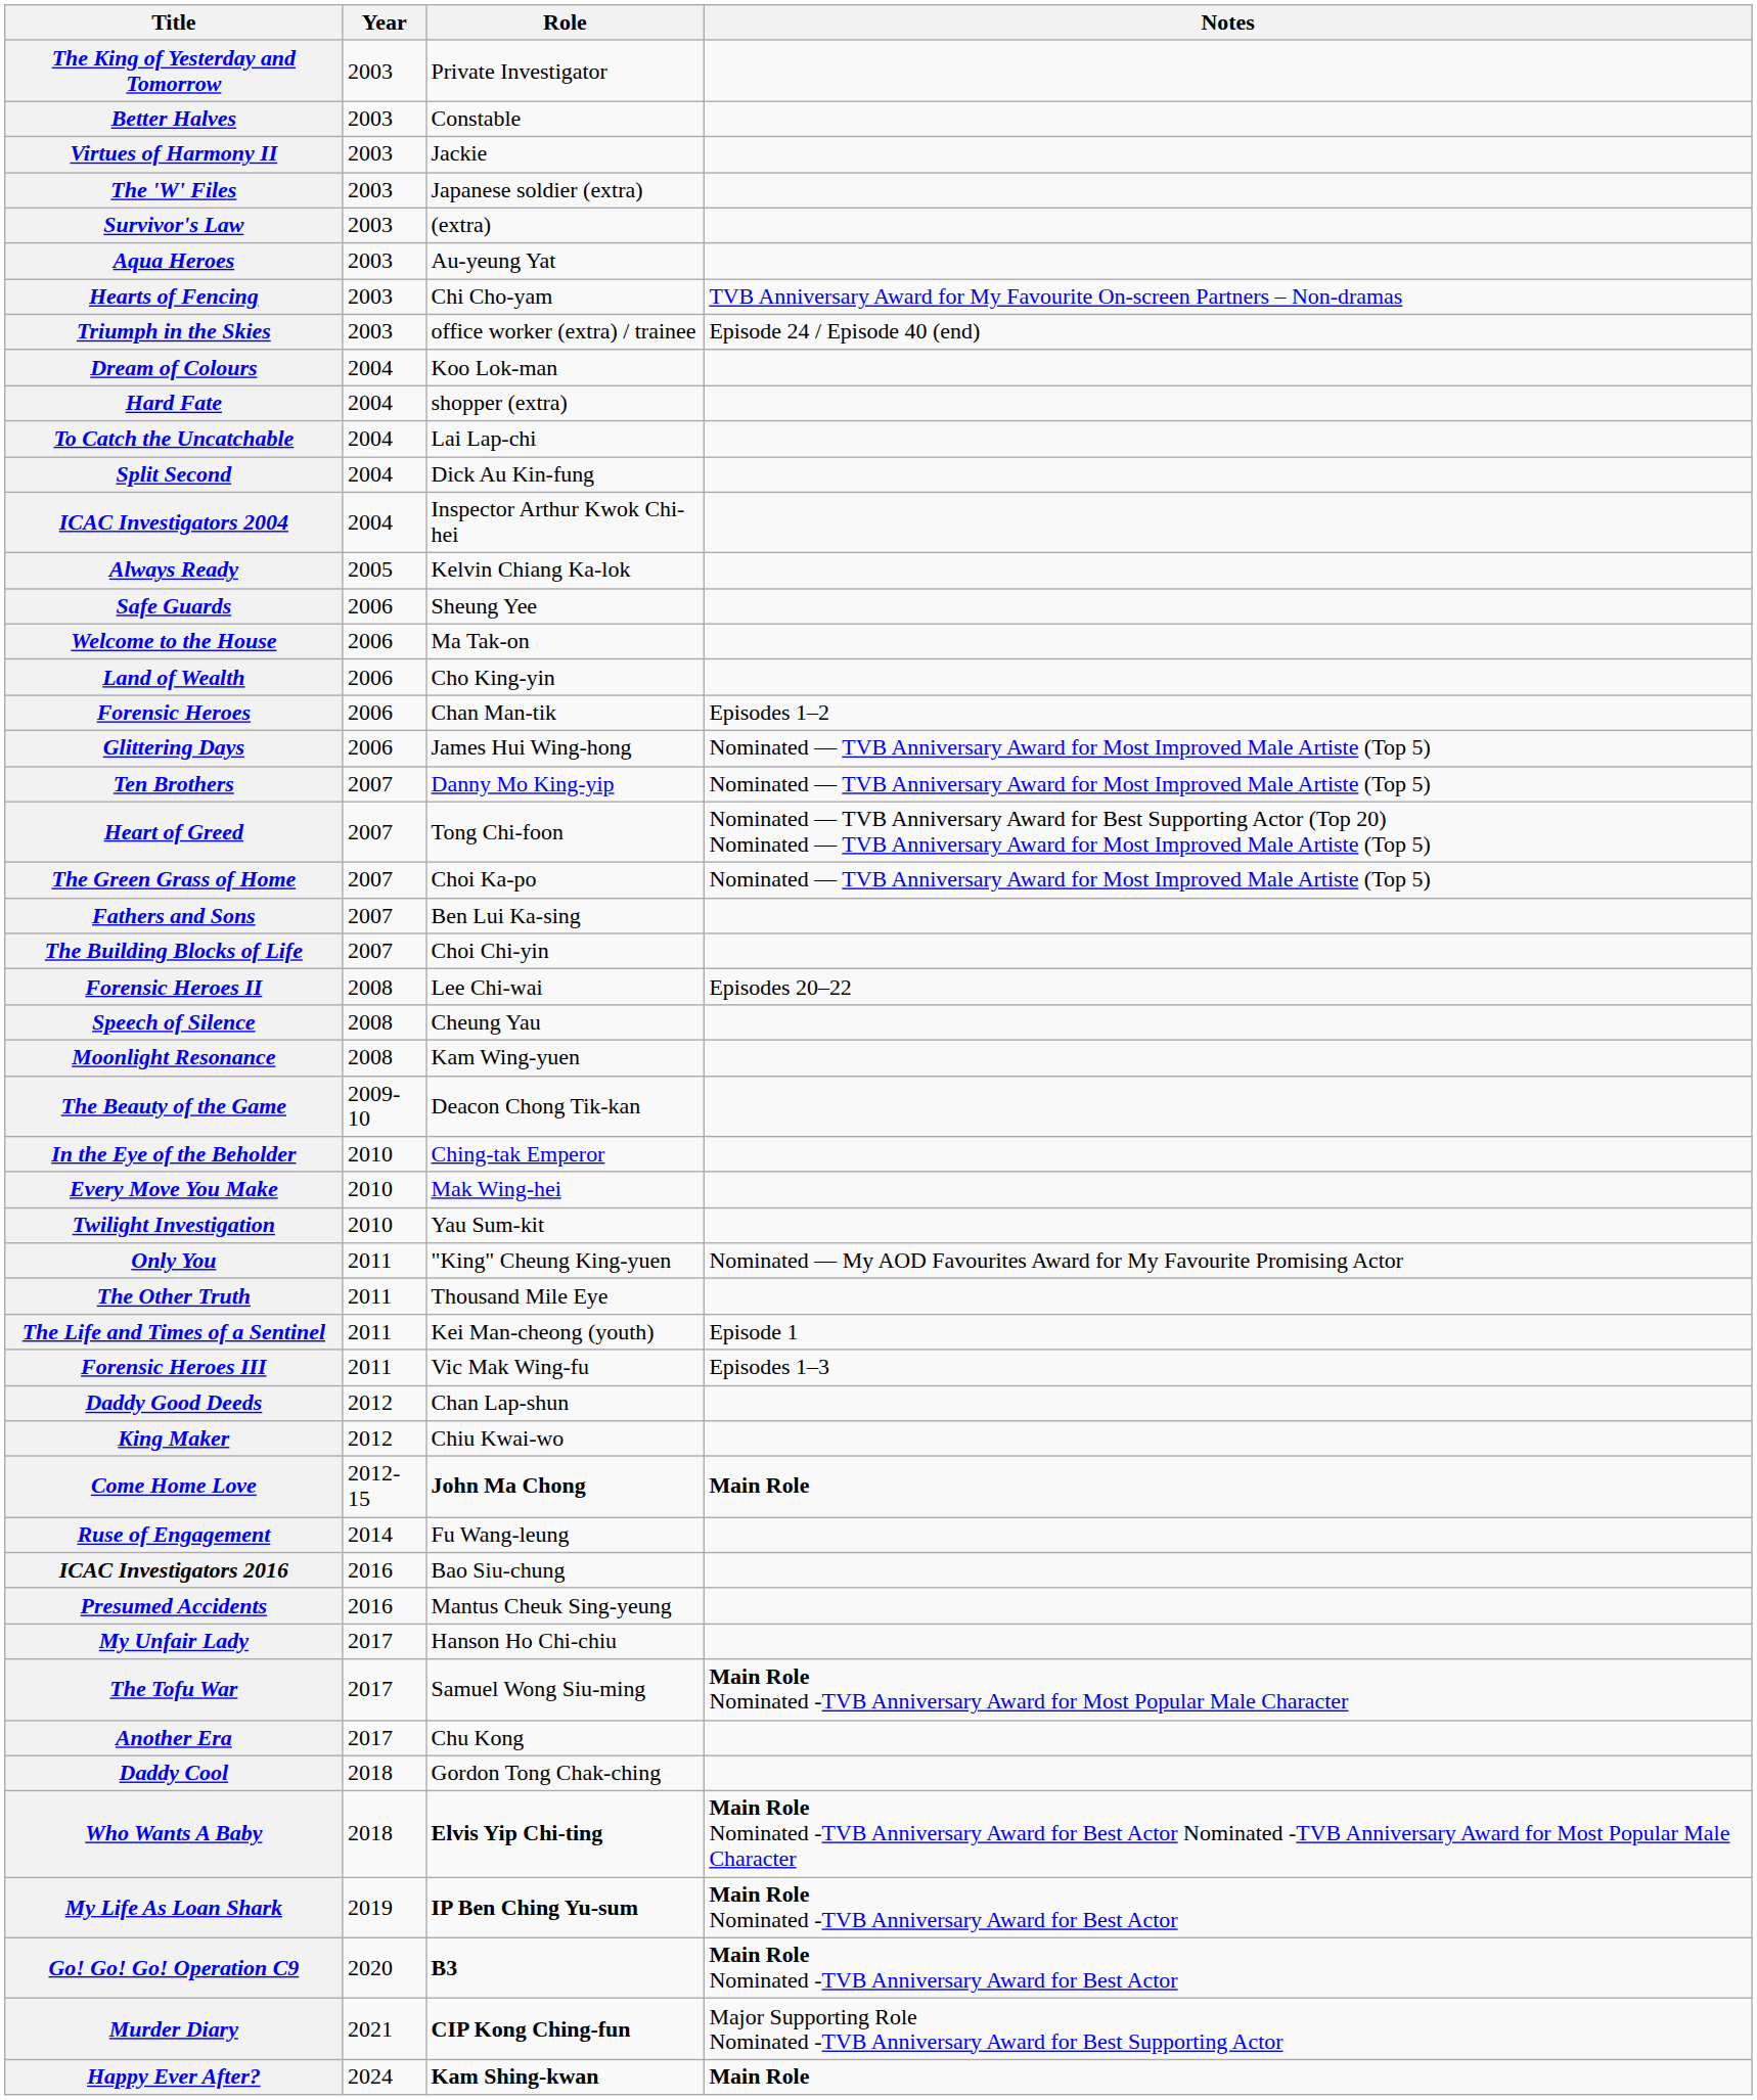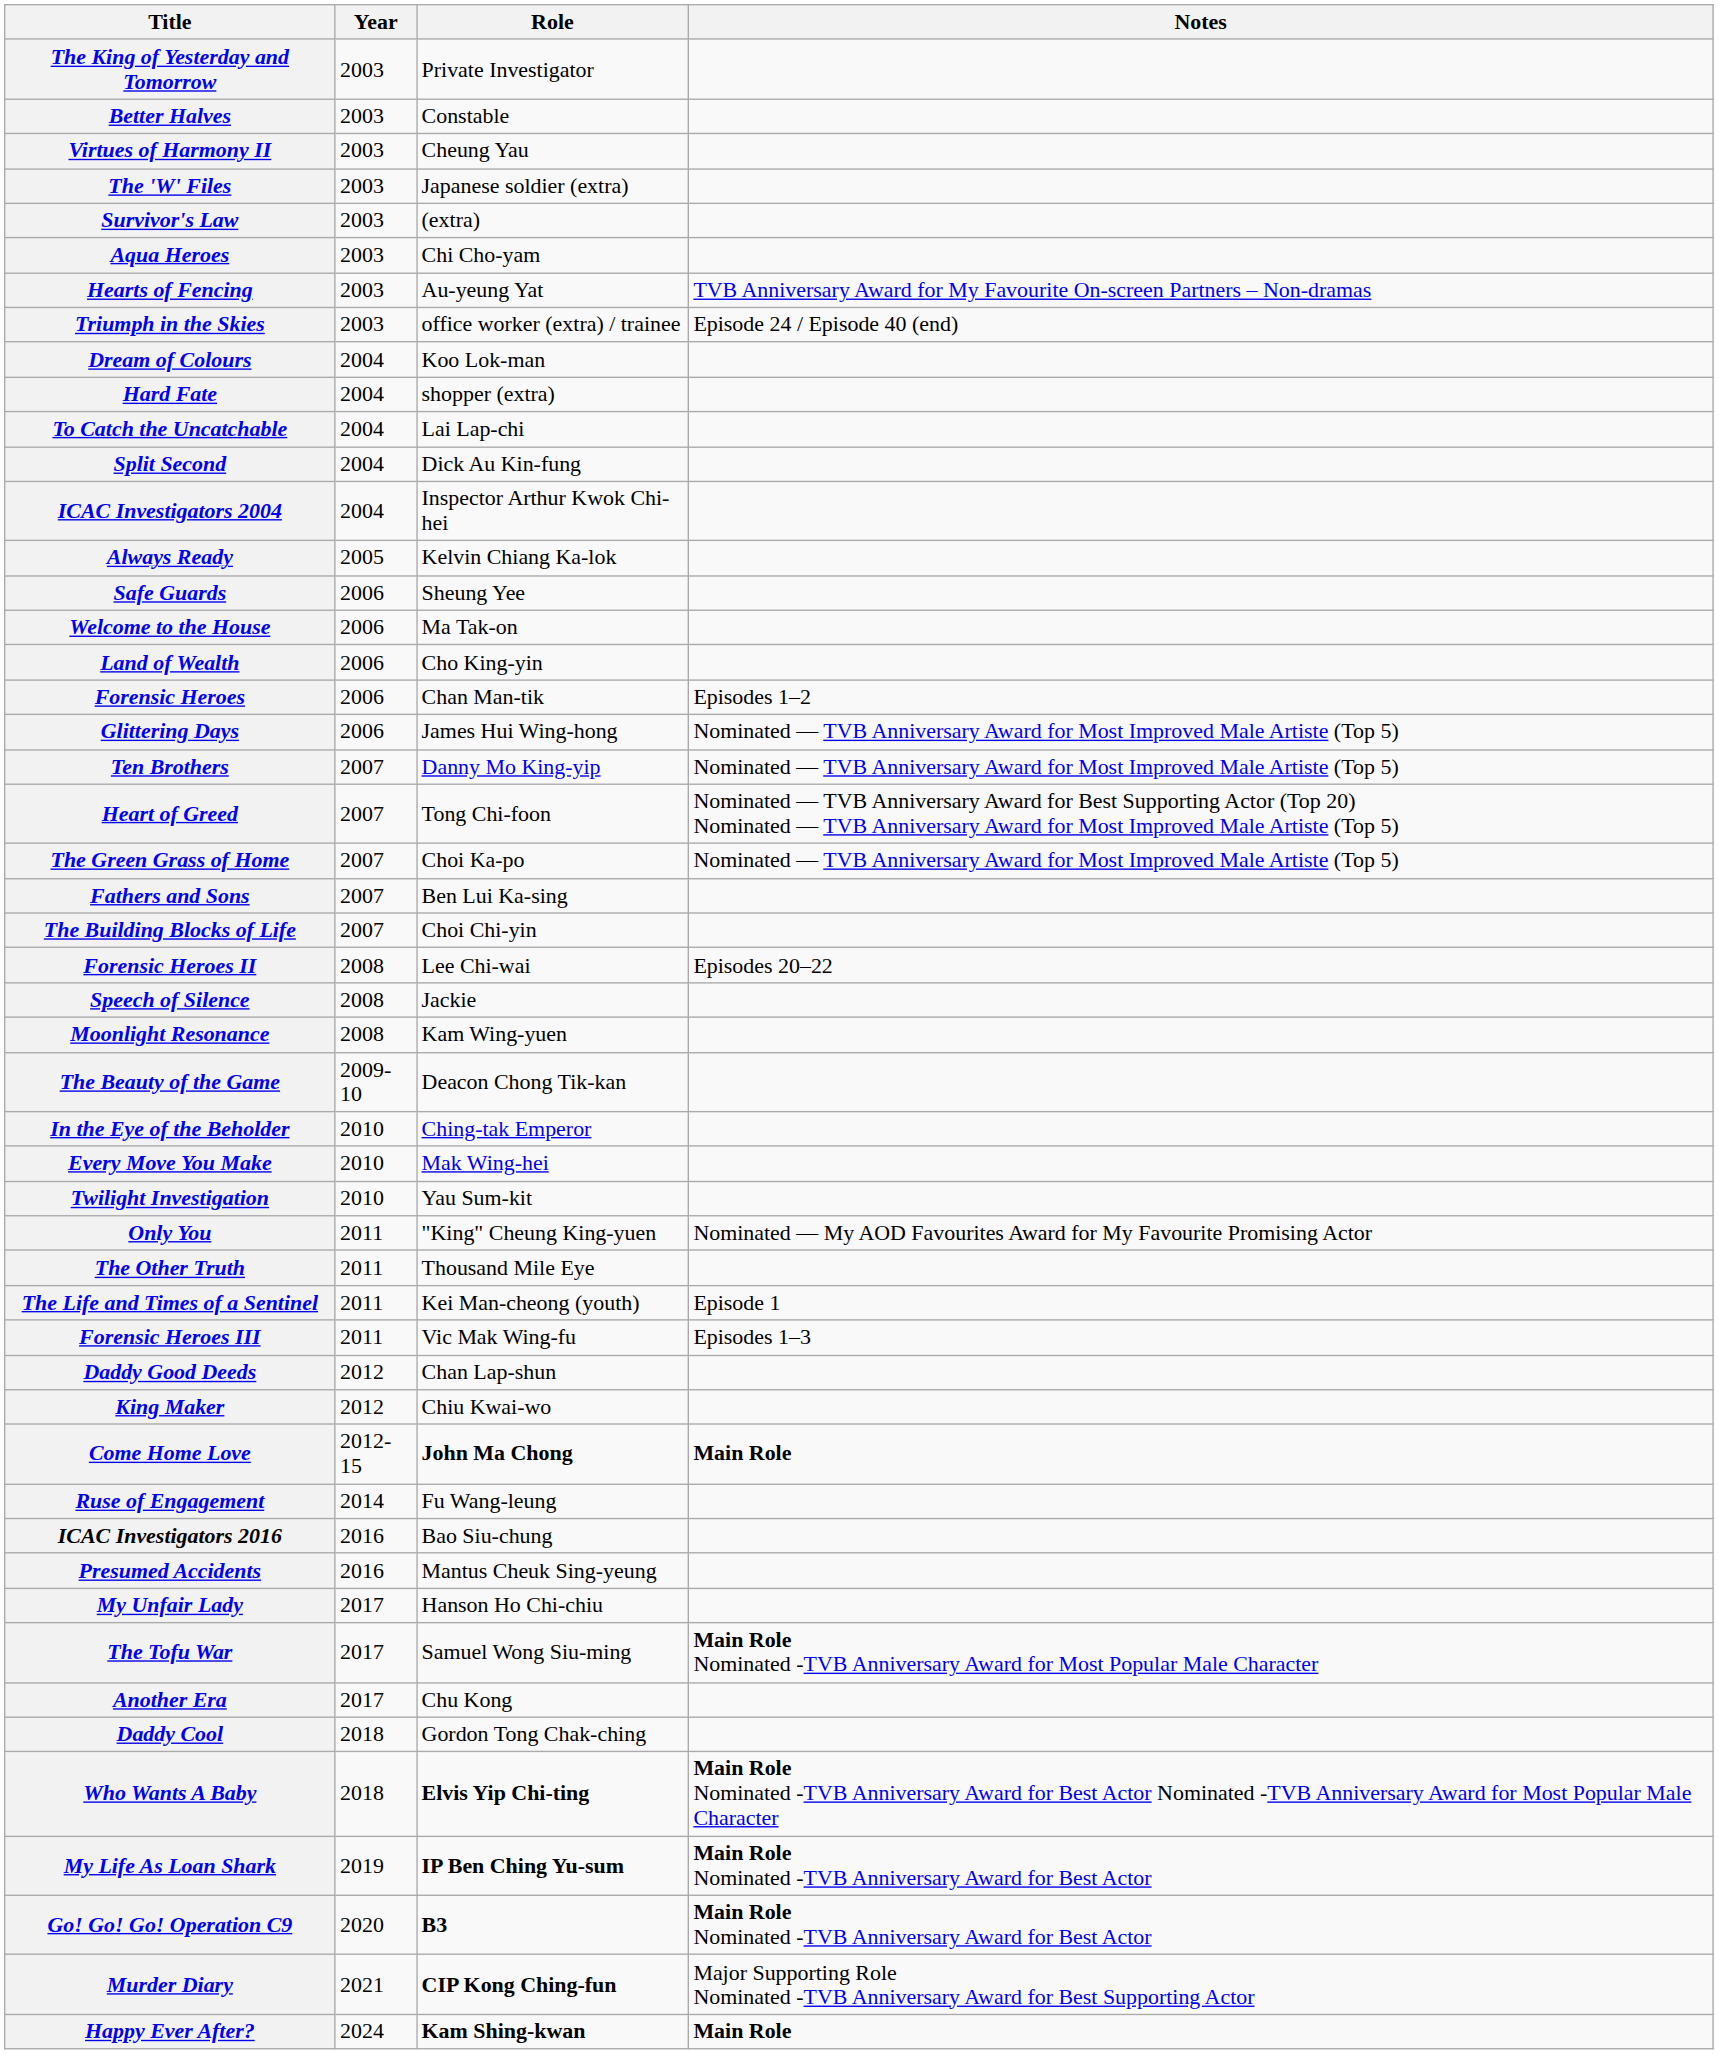 <table class="wikitable plainrowheaders sortable">
 <tr>
 <th scope="col">Title</th>
 <th scope="col">Year</th>
 <th scope="col">Role</th>
 <th scope="col" class="unsortable">Notes</th>
 </tr>
 <tr>
 <th scope="row"><em><a href='#'>The King of Yesterday and Tomorrow</a></em></th>
 <td>2003</td>
 <td>Private Investigator</td>
 <td></td>
 </tr>
 <tr>
 <th scope="row"><em><a href='#'>Better Halves</a></em></th>
 <td>2003</td>
 <td>Constable</td>
 <td></td>
 </tr>
 <tr>
 <th scope="row"><em><a href='#'>Virtues of Harmony II</a></em></th>
 <td>2003</td>
-<td>Jackie</td>
+<td>Cheung Yau</td>
 <td></td>
 </tr>
 <tr>
 <th scope="row"><em><a href='#'>The 'W' Files</a></em></th>
 <td>2003</td>
 <td>Japanese soldier (extra)</td>
 <td></td>
 </tr>
 <tr>
 <th scope="row"><em><a href='#'>Survivor's Law</a></em></th>
 <td>2003</td>
 <td>(extra)</td>
 <td></td>
 </tr>
 <tr>
 <th scope="row"><em><a href='#'>Aqua Heroes</a></em></th>
 <td>2003</td>
-<td>Au-yeung Yat</td>
+<td>Chi Cho-yam</td>
 <td></td>
 </tr>
 <tr>
 <th scope="row"><em><a href='#'>Hearts of Fencing</a></em></th>
 <td>2003</td>
-<td>Chi Cho-yam</td>
+<td>Au-yeung Yat</td>
 <td><a href='#'>TVB Anniversary Award for My Favourite On-screen Partners – Non-dramas</a></td>
 </tr>
 <tr>
 <th scope="row"><em><a href='#'>Triumph in the Skies</a></em></th>
 <td>2003</td>
 <td>office worker (extra) / trainee</td>
 <td>Episode 24 / Episode 40 (end)</td>
 </tr>
 <tr>
 <th scope="row"><em><a href='#'>Dream of Colours</a></em></th>
 <td>2004</td>
 <td>Koo Lok-man</td>
 <td></td>
 </tr>
 <tr>
 <th scope="row"><em><a href='#'>Hard Fate</a></em></th>
 <td>2004</td>
 <td>shopper (extra)</td>
 <td></td>
 </tr>
 <tr>
 <th scope="row"><em><a href='#'>To Catch the Uncatchable</a></em></th>
 <td>2004</td>
 <td>Lai Lap-chi</td>
 <td></td>
 </tr>
 <tr>
 <th scope="row"><em><a href='#'>Split Second</a></em></th>
 <td>2004</td>
 <td>Dick Au Kin-fung</td>
 <td></td>
 </tr>
 <tr>
 <th scope="row"><em><a href='#'>ICAC Investigators 2004</a></em></th>
 <td>2004</td>
 <td>Inspector Arthur Kwok Chi-hei</td>
 <td></td>
 </tr>
 <tr>
 <th scope="row"><em><a href='#'>Always Ready</a></em></th>
 <td>2005</td>
 <td>Kelvin Chiang Ka-lok</td>
 <td></td>
 </tr>
 <tr>
 <th scope="row"><em><a href='#'>Safe Guards</a></em></th>
 <td>2006</td>
 <td>Sheung Yee</td>
 <td></td>
 </tr>
 <tr>
 <th scope="row"><em><a href='#'>Welcome to the House</a></em></th>
 <td>2006</td>
 <td>Ma Tak-on</td>
 <td></td>
 </tr>
 <tr>
 <th scope="row"><em><a href='#'>Land of Wealth</a></em></th>
 <td>2006</td>
 <td>Cho King-yin</td>
 <td></td>
 </tr>
 <tr>
 <th scope="row"><em><a href='#'>Forensic Heroes</a></em></th>
 <td>2006</td>
 <td>Chan Man-tik</td>
 <td>Episodes 1–2</td>
 </tr>
 <tr>
 <th scope="row"><em><a href='#'>Glittering Days</a></em></th>
 <td>2006</td>
 <td>James Hui Wing-hong</td>
 <td>Nominated — <a href='#'>TVB Anniversary Award for Most Improved Male Artiste</a> (Top 5)</td>
 </tr>
 <tr>
 <th scope="row"><em><a href='#'>Ten Brothers</a></em></th>
 <td>2007</td>
 <td><a href='#'>Danny Mo King-yip</a></td>
 <td>Nominated — <a href='#'>TVB Anniversary Award for Most Improved Male Artiste</a> (Top 5)</td>
 </tr>
 <tr>
 <th scope="row"><em><a href='#'>Heart of Greed</a></em></th>
 <td>2007</td>
 <td>Tong Chi-foon</td>
 <td>Nominated — TVB Anniversary Award for Best Supporting Actor (Top 20)<br>Nominated — <a href='#'>TVB Anniversary Award for Most Improved Male Artiste</a> (Top 5)</td>
 </tr>
 <tr>
 <th scope="row"><em><a href='#'>The Green Grass of Home</a></em></th>
 <td>2007</td>
 <td>Choi Ka-po</td>
 <td>Nominated — <a href='#'>TVB Anniversary Award for Most Improved Male Artiste</a> (Top 5)</td>
 </tr>
 <tr>
 <th scope="row"><em><a href='#'>Fathers and Sons</a></em></th>
 <td>2007</td>
 <td>Ben Lui Ka-sing</td>
 <td></td>
 </tr>
 <tr>
 <th scope="row"><em><a href='#'>The Building Blocks of Life</a></em></th>
 <td>2007</td>
 <td>Choi Chi-yin</td>
 <td></td>
 </tr>
 <tr>
 <th scope="row"><em><a href='#'>Forensic Heroes II</a></em></th>
 <td>2008</td>
 <td>Lee Chi-wai</td>
 <td>Episodes 20–22</td>
 </tr>
 <tr>
 <th scope="row"><em><a href='#'>Speech of Silence</a></em></th>
 <td>2008</td>
-<td>Cheung Yau</td>
+<td>Jackie</td>
 <td></td>
 </tr>
 <tr>
 <th scope="row"><em><a href='#'>Moonlight Resonance</a></em></th>
 <td>2008</td>
 <td>Kam Wing-yuen</td>
 <td></td>
 </tr>
 <tr>
 <th scope="row"><em><a href='#'>The Beauty of the Game</a></em></th>
 <td>2009-10</td>
 <td>Deacon Chong Tik-kan</td>
 <td></td>
 </tr>
 <tr>
 <th scope="row"><em><a href='#'>In the Eye of the Beholder</a></em></th>
 <td>2010</td>
 <td><a href='#'>Ching-tak Emperor</a></td>
 <td></td>
 </tr>
 <tr>
 <th scope="row"><em><a href='#'>Every Move You Make</a></em></th>
 <td>2010</td>
 <td><a href='#'>Mak Wing-hei</a></td>
 <td></td>
 </tr>
 <tr>
 <th scope="row"><em><a href='#'>Twilight Investigation</a></em></th>
 <td>2010</td>
 <td>Yau Sum-kit</td>
 <td></td>
 </tr>
 <tr>
 <th scope="row"><em><a href='#'>Only You</a></em></th>
 <td>2011</td>
 <td>"King" Cheung King-yuen</td>
 <td>Nominated — My AOD Favourites Award for My Favourite Promising Actor</td>
 </tr>
 <tr>
 <th scope="row"><em><a href='#'>The Other Truth</a></em></th>
 <td>2011</td>
 <td>Thousand Mile Eye</td>
 <td></td>
 </tr>
 <tr>
 <th scope="row"><em><a href='#'>The Life and Times of a Sentinel</a></em></th>
 <td>2011</td>
 <td>Kei Man-cheong (youth)</td>
 <td>Episode 1</td>
 </tr>
 <tr>
 <th scope="row"><em><a href='#'>Forensic Heroes III</a></em></th>
 <td>2011</td>
 <td>Vic Mak Wing-fu</td>
 <td>Episodes 1–3</td>
 </tr>
 <tr>
 <th scope="row"><em><a href='#'>Daddy Good Deeds</a></em></th>
 <td>2012</td>
 <td>Chan Lap-shun</td>
 <td></td>
 </tr>
 <tr>
 <th scope="row"><em><a href='#'>King Maker</a></em></th>
 <td>2012</td>
 <td>Chiu Kwai-wo</td>
 <td></td>
 </tr>
 <tr>
 <th scope="row"><strong><em><a href='#'>Come Home Love</a></em></strong></th>
 <td>2012-15</td>
 <td><strong> John Ma Chong </strong></td>
 <td><strong> Main Role </strong></td>
 </tr>
 <tr>
 <th scope="row"><em><a href='#'>Ruse of Engagement</a></em></th>
 <td>2014</td>
 <td>Fu Wang-leung</td>
 <td></td>
 </tr>
 <tr>
 <th scope="row"><em>ICAC Investigators 2016</em></th>
 <td>2016</td>
 <td>Bao Siu-chung</td>
 <td></td>
 </tr>
 <tr>
 <th scope="row"><em><a href='#'>Presumed Accidents</a></em></th>
 <td>2016</td>
 <td>Mantus Cheuk Sing-yeung</td>
 <td></td>
 </tr>
 <tr>
 <th scope="row"><em><a href='#'>My Unfair Lady</a></em></th>
 <td>2017</td>
 <td>Hanson Ho Chi-chiu</td>
 <td></td>
 </tr>
 <tr>
 <th scope="row"><strong><em><a href='#'>The Tofu War</a></em></strong></th>
 <td>2017</td>
 <td>Samuel Wong Siu-ming</td>
 <td><strong> Main Role </strong><br>Nominated -<a href='#'>TVB Anniversary Award for Most Popular Male Character</a></td>
 </tr>
 <tr>
 <th scope="row"><em><a href='#'>Another Era</a></em></th>
 <td>2017</td>
 <td>Chu Kong</td>
 <td></td>
 </tr>
 <tr>
 <th scope="row"><em><a href='#'>Daddy Cool</a></em></th>
 <td>2018</td>
 <td>Gordon Tong Chak-ching</td>
 <td></td>
 </tr>
 <tr>
 <th scope="row"><strong><em><a href='#'>Who Wants A Baby</a></em></strong></th>
 <td>2018</td>
 <td><strong> Elvis Yip Chi-ting </strong></td>
 <td><strong> Main Role </strong><br>Nominated -<a href='#'>TVB Anniversary Award for Best Actor</a> Nominated -<a href='#'>TVB Anniversary Award for Most Popular Male Character</a></td>
 </tr>
 <tr>
 <th scope="row"><strong><em><a href='#'>My Life As Loan Shark</a></em></strong></th>
 <td>2019</td>
 <td><strong> IP Ben Ching Yu-sum </strong></td>
 <td><strong> Main Role </strong><br>Nominated -<a href='#'>TVB Anniversary Award for Best Actor</a></td>
 </tr>
 <tr>
 <th scope="row"><strong><em><a href='#'>Go! Go! Go! Operation C9</a></em></strong></th>
 <td>2020</td>
 <td><strong> B3 </strong></td>
 <td><strong> Main Role </strong><br>Nominated -<a href='#'>TVB Anniversary Award for Best Actor</a></td>
 </tr>
 <tr>
 <th scope="row"><strong><em><a href='#'>Murder Diary</a></em></strong></th>
 <td>2021</td>
 <td><strong> CIP Kong Ching-fun </strong></td>
 <td>Major Supporting Role<br>Nominated -<a href='#'>TVB Anniversary Award for Best Supporting Actor</a></td>
 </tr>
 <tr>
 <th scope="row"><strong><em><a href='#'>Happy Ever After?</a></em></strong></th>
 <td>2024</td>
 <td><strong> Kam Shing-kwan </strong></td>
 <td><strong> Main Role </strong></td>
 </tr>
 </table>
